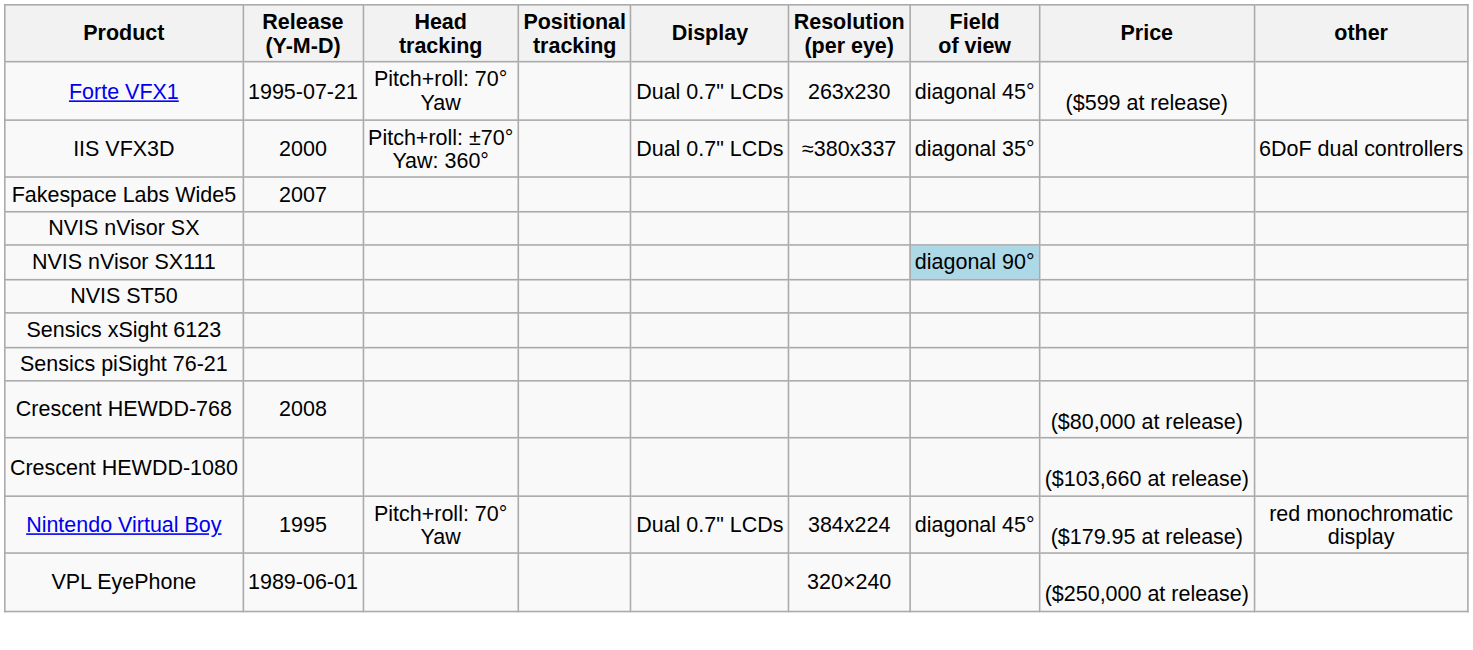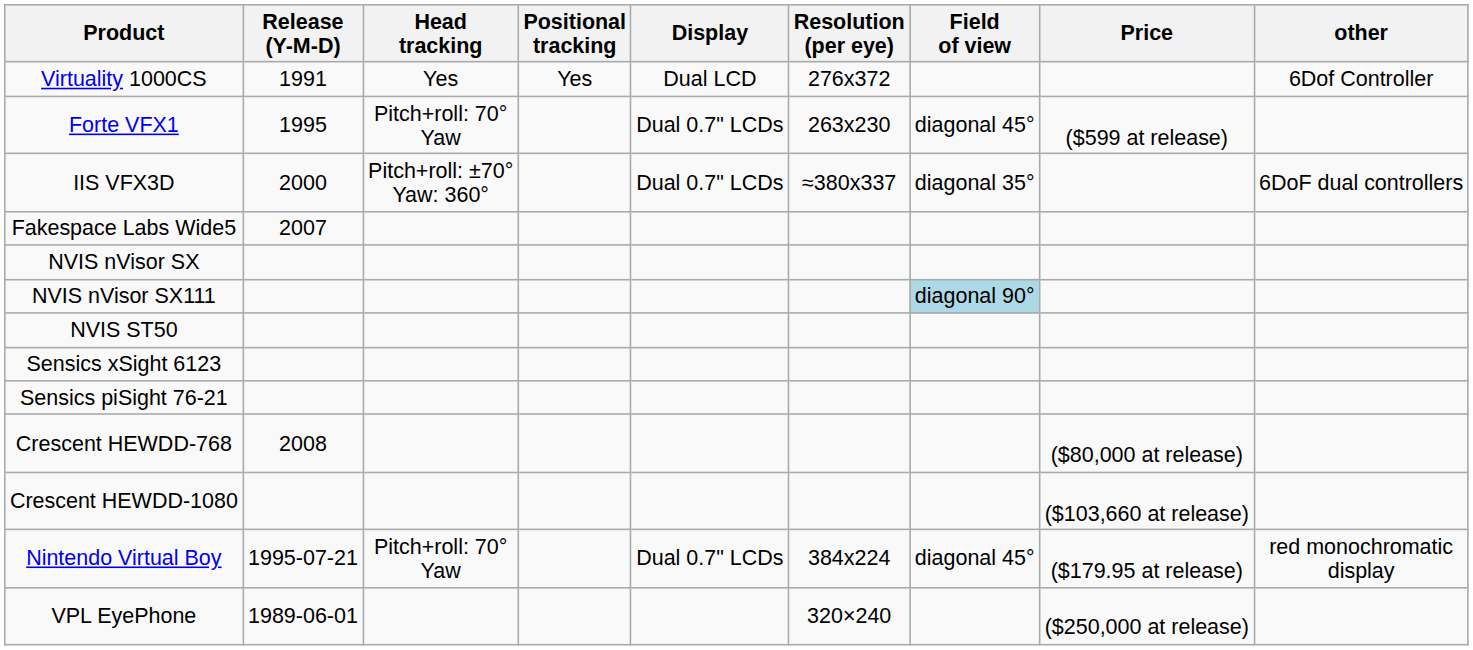 <table class="wikitable sortable" border="1" style="font-size: 85%; text-align:center; whitespace: nowrap">
 <tr>
 <th>Product</th>
 <th>Release<br>(Y-M-D)</th>
 <th>Head<br>tracking</th>
 <th>Positional<br>tracking</th>
 <th>Display</th>
 <th>Resolution<br>(per eye)</th>
 <th>Field<br>of view<br></th>
 <th>Price</th>
 <th>other</th>
 </tr>
 <tr>
+<td><a href='#'>Virtuality</a> 1000CS</td>
+<td>1991</td>
+<td>Yes</td>
+<td>Yes</td>
+<td>Dual LCD</td>
+<td>276x372</td>
+<td></td>
+<td></td>
+<td>6Dof Controller</td>
+</tr>
+<tr>
 <td><a href='#'>Forte VFX1</a></td>
-<td>1995-07-21</td>
+<td>1995</td>
 <td>Pitch+roll: 70°<br>Yaw</td>
 <td></td>
 <td>Dual 0.7" LCDs</td>
 <td>263x230</td>
 <td>diagonal 45°</td>
 <td><br>($599 at release)</td>
 <td></td>
 </tr>
 <tr>
 <td>IIS VFX3D</td>
 <td>2000</td>
 <td>Pitch+roll: ±70°<br>Yaw: 360°</td>
 <td></td>
 <td>Dual 0.7" LCDs</td>
 <td>≈380x337</td>
 <td>diagonal 35°</td>
 <td></td>
 <td>6DoF dual controllers</td>
 </tr>
 <tr>
 <td>Fakespace Labs Wide5</td>
 <td>2007</td>
 <td></td>
 <td></td>
 <td></td>
 <td></td>
 <td></td>
 <td></td>
 <td></td>
 </tr>
 <tr>
 <td>NVIS nVisor SX</td>
 <td></td>
 <td></td>
 <td></td>
 <td></td>
 <td></td>
 <td></td>
 <td></td>
 <td></td>
 </tr>
 <tr>
 <td>NVIS nVisor SX111</td>
 <td></td>
 <td></td>
 <td></td>
 <td></td>
 <td></td>
 <td style="background: lightblue;">diagonal 90°</td>
 <td></td>
 <td></td>
 </tr>
 <tr>
 <td>NVIS ST50</td>
 <td></td>
 <td></td>
 <td></td>
 <td></td>
 <td></td>
 <td></td>
 <td></td>
 <td></td>
 </tr>
 <tr>
 <td>Sensics xSight 6123</td>
 <td></td>
 <td></td>
 <td></td>
 <td></td>
 <td></td>
 <td></td>
 <td></td>
 <td></td>
 </tr>
 <tr>
 <td>Sensics piSight 76-21</td>
 <td></td>
 <td></td>
 <td></td>
 <td></td>
 <td></td>
 <td></td>
 <td></td>
 <td></td>
 </tr>
 <tr>
 <td>Crescent HEWDD-768<br></td>
 <td>2008</td>
 <td></td>
 <td></td>
 <td></td>
 <td></td>
 <td></td>
 <td><br>($80,000 at release)</td>
 <td></td>
 </tr>
 <tr>
 <td>Crescent HEWDD-1080<br></td>
 <td></td>
 <td></td>
 <td></td>
 <td></td>
 <td></td>
 <td></td>
 <td><br>($103,660 at release)</td>
 <td></td>
 </tr>
 <tr>
 <td><a href='#'>Nintendo Virtual Boy</a></td>
-<td>1995</td>
+<td>1995-07-21</td>
 <td>Pitch+roll: 70°<br>Yaw</td>
 <td></td>
 <td>Dual 0.7" LCDs</td>
 <td>384x224</td>
 <td>diagonal 45°</td>
 <td><br>($179.95 at release)</td>
 <td>red monochromatic<br>display</td>
 </tr>
 <tr>
 <td>VPL EyePhone</td>
 <td>1989-06-01</td>
 <td></td>
 <td></td>
 <td></td>
 <td>320×240</td>
 <td></td>
 <td><br>($250,000 at release)</td>
 <td></td>
 </tr>
 </table>
